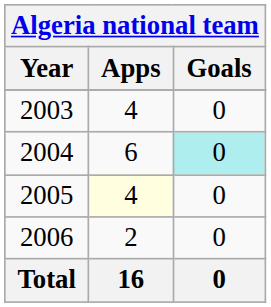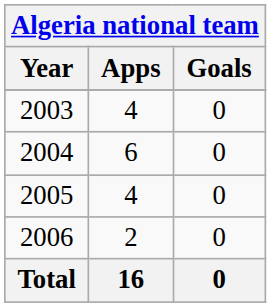 <table class="wikitable" style="text-align:center">
 <tr>
 <th colspan=3><a href='#'>Algeria national team</a></th>
 </tr>
 <tr>
 <th>Year</th>
 <th>Apps</th>
 <th>Goals</th>
 </tr>
 <tr>
 </tr>
 <tr>
 <td>2003</td>
 <td>4</td>
 <td>0</td>
 </tr>
 <tr>
 <td>2004</td>
 <td>6</td>
-<td style="background: paleturquoise;">0</td>
+<td>0</td>
 </tr>
 <tr>
 <td>2005</td>
-<td style="background: lightyellow;">4</td>
+<td>4</td>
 <td>0</td>
 </tr>
 <tr>
 <td>2006</td>
 <td>2</td>
 <td>0</td>
 </tr>
 <tr>
 <th>Total</th>
 <th>16</th>
 <th>0</th>
 </tr>
 </table>
